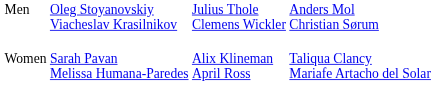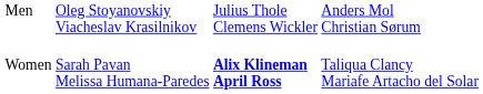 <table>
 <tr>
 <td>Men<br></td>
 <td><br><a href='#'>Oleg Stoyanovskiy</a><br><a href='#'>Viacheslav Krasilnikov</a></td>
 <td><br><a href='#'>Julius Thole</a><br><a href='#'>Clemens Wickler</a></td>
 <td><br><a href='#'>Anders Mol</a><br><a href='#'>Christian Sørum</a></td>
 </tr>
 <tr>
 <td>Women<br></td>
 <td><br><a href='#'>Sarah Pavan</a><br><a href='#'>Melissa Humana-Paredes</a></td>
-<td><br><a href='#'>Alix Klineman</a><br><a href='#'>April Ross</a></td>
+<td><strong><br><a href='#'>Alix Klineman</a><br><a href='#'>April Ross</a></strong></td>
 <td><br><a href='#'>Taliqua Clancy</a><br><a href='#'>Mariafe Artacho del Solar</a></td>
 </tr>
 </table>
